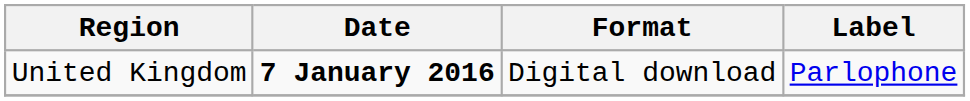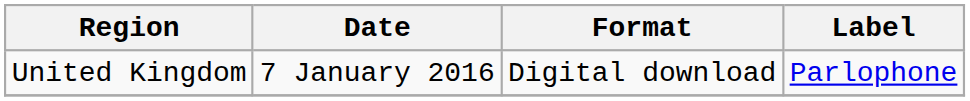 <table class=wikitable>
 <tr>
 <th>Region</th>
 <th>Date</th>
 <th>Format</th>
 <th>Label</th>
 </tr>
 <tr>
 <td>United Kingdom</td>
-<td><strong>7 January 2016</strong></td>
+<td>7 January 2016</td>
 <td>Digital download</td>
 <td><a href='#'>Parlophone</a></td>
 </tr>
 <tr>
 </tr>
 </table>
